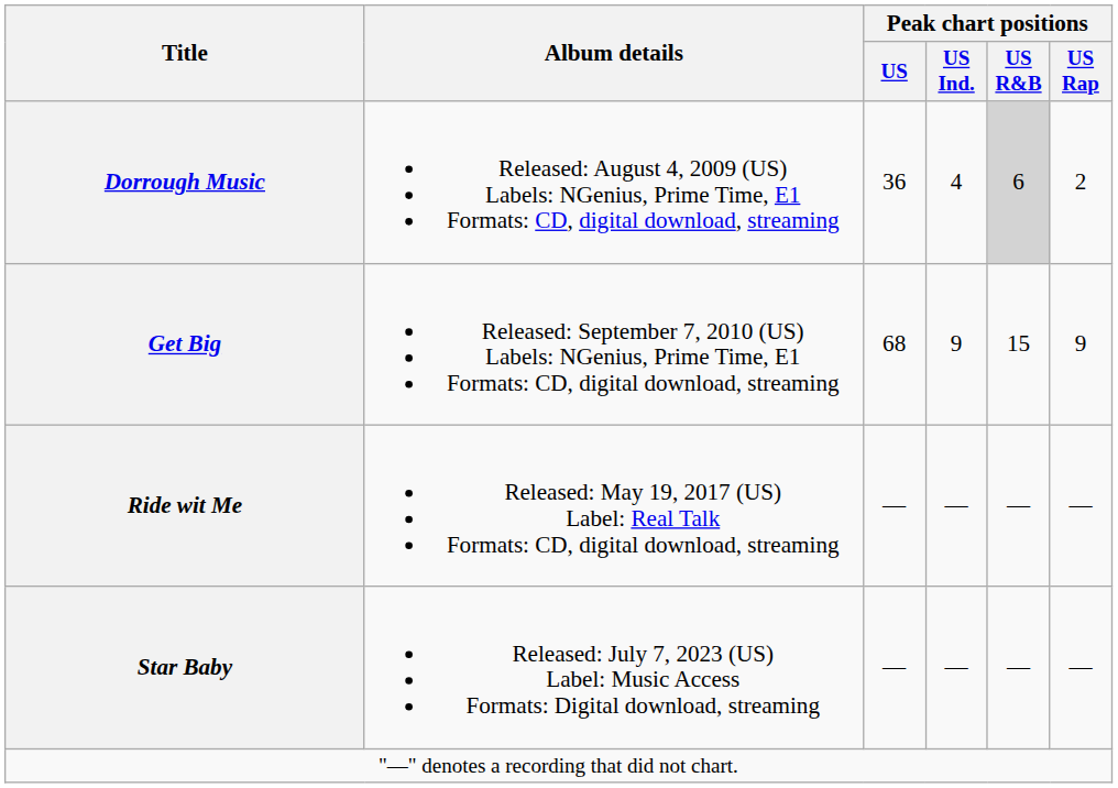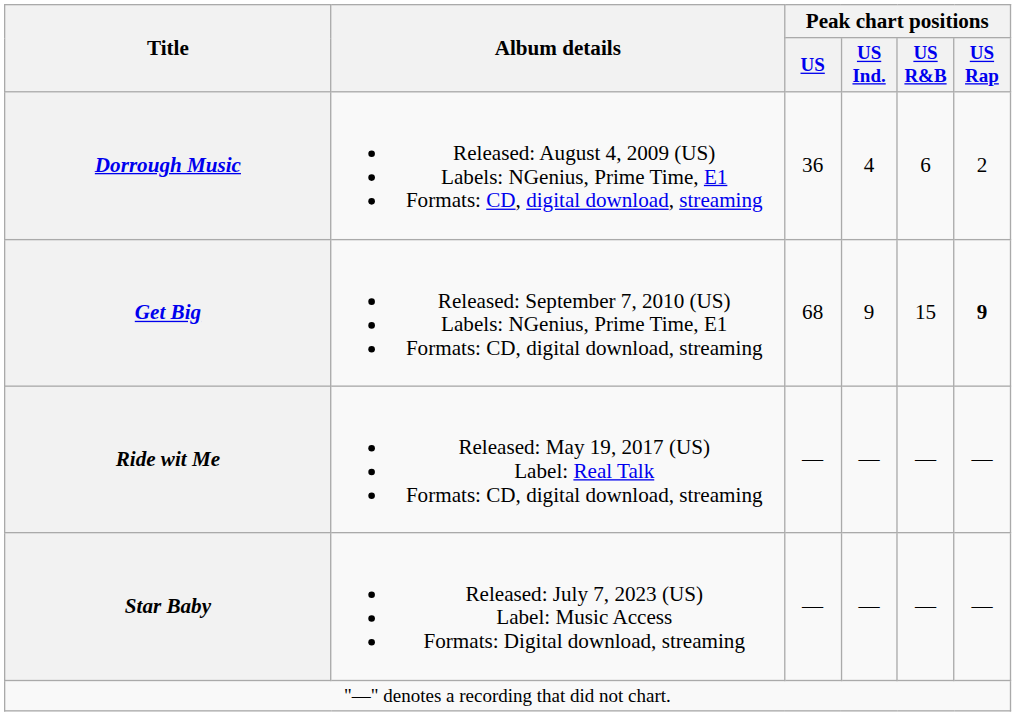 <table class="wikitable plainrowheaders" style="text-align:center;" border="1">
 <tr>
 <th scope="col" rowspan="2" style="width:15em;">Title</th>
 <th scope="col" rowspan="2" style="width:21em;">Album details</th>
 <th scope="col" colspan="4">Peak chart positions</th>
 </tr>
 <tr>
 <th scope="col" style="width:2.5em;font-size:90%;"><a href='#'>US</a><br></th>
 <th scope="col" style="width:2.5em;font-size:90%;"><a href='#'>US<br>Ind.</a><br></th>
 <th scope="col" style="width:2.5em;font-size:90%;"><a href='#'>US<br>R&B</a><br></th>
 <th scope="col" style="width:2.5em;font-size:90%;"><a href='#'>US<br>Rap</a><br></th>
 </tr>
 <tr>
 <th scope="row"><em><a href='#'>Dorrough Music</a></em></th>
 <td><br><ul><li>Released: August 4, 2009 <span>(US)</span></li><li>Labels: NGenius, Prime Time, <a href='#'>E1</a></li><li>Formats: <a href='#'>CD</a>, <a href='#'>digital download</a>, <a href='#'>streaming</a></li></ul></td>
 <td>36</td>
 <td>4</td>
-<td style="background: lightgrey;">6</td>
+<td>6</td>
 <td>2</td>
 </tr>
 <tr>
 <th scope="row"><em><a href='#'>Get Big</a></em></th>
 <td><br><ul><li>Released: September 7, 2010 <span>(US)</span></li><li>Labels: NGenius, Prime Time, E1</li><li>Formats: CD, digital download, streaming</li></ul></td>
 <td>68</td>
 <td>9</td>
 <td>15</td>
-<td>9</td>
+<td><strong>9</strong></td>
 </tr>
 <tr>
 <th scope="row"><em>Ride wit Me</em></th>
 <td><br><ul><li>Released: May 19, 2017 <span>(US)</span></li><li>Label: <a href='#'>Real Talk</a></li><li>Formats: CD, digital download, streaming</li></ul></td>
 <td>—</td>
 <td>—</td>
 <td>—</td>
 <td>—</td>
 </tr>
 <tr>
 <th scope="row"><em>Star Baby</em></th>
 <td><br><ul><li>Released: July 7, 2023 <span>(US)</span></li><li>Label: Music Access</li><li>Formats: Digital download, streaming</li></ul></td>
 <td>—</td>
 <td>—</td>
 <td>—</td>
 <td>—</td>
 </tr>
 <tr>
 <td colspan="14" style="font-size:90%">"—" denotes a recording that did not chart.</td>
 </tr>
 </table>
